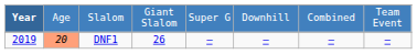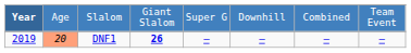 <table class="wikitable" style="font-size:95%; text-align:center; border:grey solid 1px; border-collapse:collapse;" width="40%">
 <tr style="background-color:#369; color:white;">
 <td rowspan="2" colspan="1" width="4%"><strong>Year</strong></td>
 </tr>
 <tr style="background-color:#4180be; color:white;">
 <td width="5%">Age</td>
 <td width="5%">Slalom</td>
 <td width="5%">Giant<br>Slalom</td>
 <td width="5%">Super G</td>
 <td width="5%">Downhill</td>
 <td width="5%">Combined</td>
 <td width="5%">Team Event</td>
 </tr>
 <tr style="background-color:#8CB2D8; color:white;">
 </tr>
 <tr>
 <td><a href='#'>2019</a></td>
 <td style="background: lightsalmon;"><em>20</em></td>
 <td><a href='#'>DNF1</a></td>
-<td><a href='#'>26</a></td>
+<td><strong><a href='#'>26</a></strong></td>
 <td><a href='#'>—</a></td>
 <td><a href='#'>—</a></td>
 <td><a href='#'>—</a></td>
 <td><a href='#'>—</a></td>
 </tr>
 </table>
